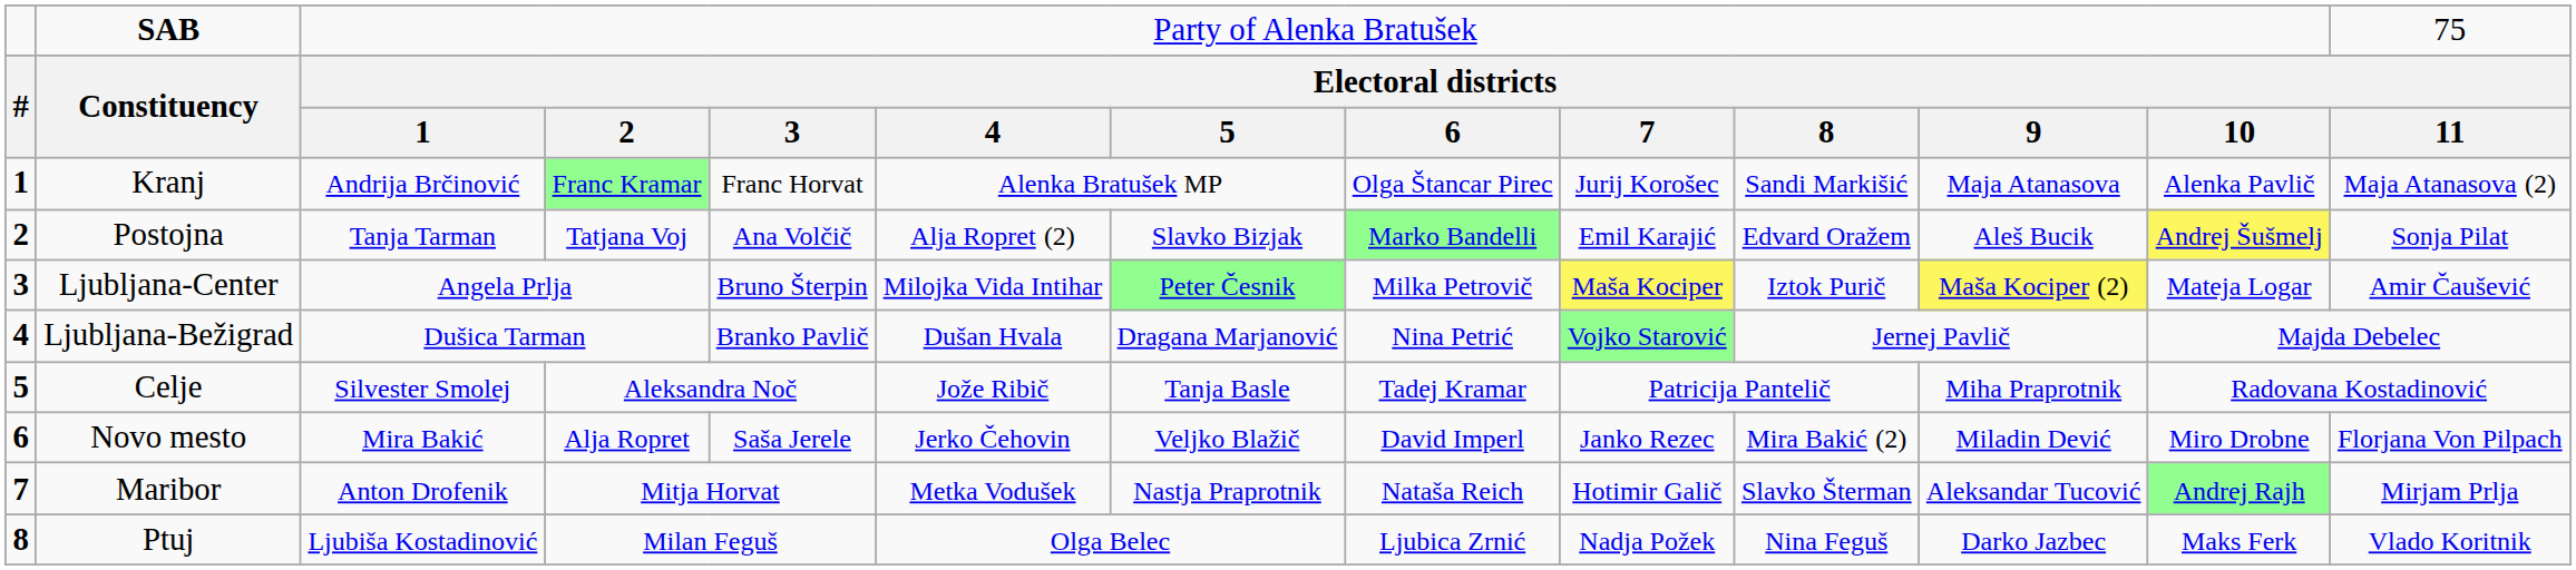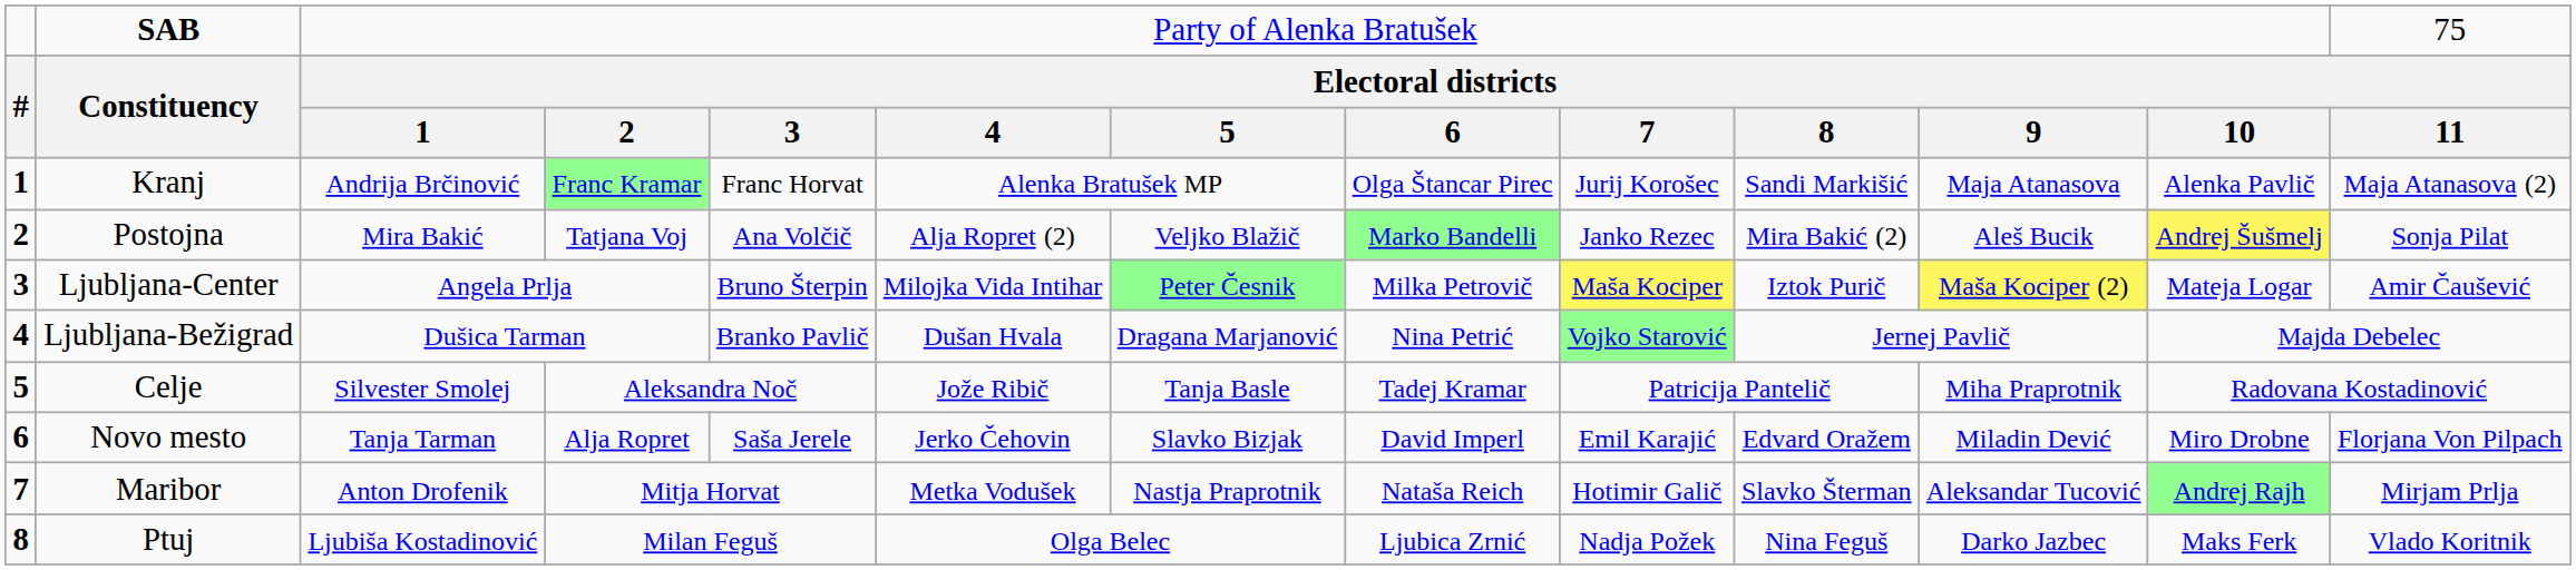 <table class="wikitable" style="text-align: center;">
 <tr>
 <td style="background:"></td>
 <td><strong>SAB</strong></td>
 <td colspan="10"><a href='#'>Party of Alenka Bratušek</a><br></td>
 <td>75<br></td>
 </tr>
 <tr>
 <th rowspan="2">#</th>
 <th rowspan="2">Constituency</th>
 <th colspan="11">Electoral districts</th>
 </tr>
 <tr>
 <th>1</th>
 <th>2</th>
 <th>3</th>
 <th>4</th>
 <th>5</th>
 <th>6</th>
 <th>7</th>
 <th>8</th>
 <th>9</th>
 <th>10</th>
 <th>11</th>
 </tr>
 <tr>
 <td style="text-align:center;"><strong>1</strong></td>
 <td>Kranj</td>
 <td><a href='#'><small>Andrija Brčinović</small></a></td>
 <td style="background:#90FF90;"><a href='#'><small>Franc Kramar</small></a></td>
 <td><small>Franc Horvat</small></td>
 <td colspan="2"><small><a href='#'>Alenka Bratušek</a> MP</small></td>
 <td><a href='#'><small>Olga Štancar Pirec</small></a></td>
 <td><a href='#'><small>Jurij Korošec</small></a></td>
 <td><a href='#'><small>Sandi Markišić</small></a></td>
 <td><a href='#'><small>Maja Atanasova</small></a></td>
 <td><a href='#'><small>Alenka Pavlič</small></a></td>
 <td><a href='#'><small>Maja Atanasova</small></a> <small>(2)</small></td>
 </tr>
 <tr>
 <td style="text-align:center;"><strong>2</strong></td>
 <td>Postojna</td>
-<td><a href='#'><small>Tanja Tarman</small></a></td>
+<td><a href='#'><small>Mira Bakić</small></a></td>
 <td><a href='#'><small>Tatjana Voj</small></a></td>
 <td><a href='#'><small>Ana Volčič</small></a></td>
 <td><a href='#'><small>Alja Ropret</small></a> <small>(2)</small></td>
-<td><a href='#'><small>Slavko Bizjak</small></a></td>
+<td><a href='#'><small>Veljko Blažič</small></a></td>
 <td style="background:#90FF90;"><a href='#'><small>Marko Bandelli</small></a></td>
-<td><a href='#'><small>Emil Karajić</small></a></td>
-<td><a href='#'><small>Edvard Oražem</small></a></td>
+<td><small><a href='#'>Janko Rezec</a></small></td>
+<td><a href='#'><small>Mira Bakić</small></a> <small>(2)</small></td>
 <td><a href='#'><small>Aleš Bucik</small></a></td>
 <td style="background:#FCF75E;"><a href='#'><small>Andrej Šušmelj</small></a></td>
 <td><a href='#'><small>Sonja Pilat</small></a></td>
 </tr>
 <tr>
 <td style="text-align:center;"><strong>3</strong></td>
 <td>Ljubljana-Center</td>
 <td colspan="2"><a href='#'><small>Angela Prlja</small></a></td>
 <td><a href='#'><small>Bruno Šterpin</small></a></td>
 <td><a href='#'><small>Milojka Vida Intihar</small></a></td>
 <td style="background:#90FF90;"><a href='#'><small>Peter Česnik</small></a></td>
 <td><a href='#'><small>Milka Petrovič</small></a></td>
 <td style="background:#FCF75E;"><a href='#'><small>Maša Kociper</small></a></td>
 <td><a href='#'><small>Iztok Purič</small></a></td>
 <td style="background:#FCF75E;"><a href='#'><small>Maša Kociper</small></a> <small>(2)</small></td>
 <td><a href='#'><small>Mateja Logar</small></a></td>
 <td><a href='#'><small>Amir Čaušević</small></a></td>
 </tr>
 <tr>
 <td style="text-align:center;"><strong>4</strong></td>
 <td>Ljubljana-Bežigrad</td>
 <td colspan="2"><a href='#'><small>Dušica Tarman</small></a></td>
 <td><a href='#'><small>Branko Pavlič</small></a></td>
 <td><a href='#'><small>Dušan Hvala</small></a></td>
 <td><a href='#'><small>Dragana Marjanović</small></a></td>
 <td><a href='#'><small>Nina Petrić</small></a></td>
 <td style="background:#90FF90;"><a href='#'><small>Vojko Starović</small></a></td>
 <td colspan="2"><a href='#'><small>Jernej Pavlič</small></a></td>
 <td colspan="2"><a href='#'><small>Majda Debelec</small></a></td>
 </tr>
 <tr>
 <td style="text-align:center;"><strong>5</strong></td>
 <td>Celje</td>
 <td><a href='#'><small>Silvester Smolej</small></a></td>
 <td colspan="2"><a href='#'><small>Aleksandra Noč</small></a></td>
 <td><a href='#'><small>Jože Ribič</small></a></td>
 <td><a href='#'><small>Tanja Basle</small></a></td>
 <td><a href='#'><small>Tadej Kramar</small></a></td>
 <td colspan="2"><a href='#'><small>Patricija Pantelič</small></a></td>
 <td><a href='#'><small>Miha Praprotnik</small></a></td>
 <td colspan="2"><a href='#'><small>Radovana Kostadinović</small></a></td>
 </tr>
 <tr>
 <td style="text-align:center;"><strong>6</strong></td>
 <td>Novo mesto</td>
-<td><a href='#'><small>Mira Bakić</small></a></td>
+<td><a href='#'><small>Tanja Tarman</small></a></td>
 <td><a href='#'><small>Alja Ropret</small></a></td>
 <td><a href='#'><small>Saša Jerele</small></a></td>
 <td><a href='#'><small>Jerko Čehovin</small></a></td>
-<td><a href='#'><small>Veljko Blažič</small></a></td>
+<td><a href='#'><small>Slavko Bizjak</small></a></td>
 <td><a href='#'><small>David Imperl</small></a></td>
-<td><small><a href='#'>Janko Rezec</a></small></td>
-<td><a href='#'><small>Mira Bakić</small></a> <small>(2)</small></td>
+<td><a href='#'><small>Emil Karajić</small></a></td>
+<td><a href='#'><small>Edvard Oražem</small></a></td>
 <td><a href='#'><small>Miladin Dević</small></a></td>
 <td><a href='#'><small>Miro Drobne</small></a></td>
 <td><a href='#'><small>Florjana Von Pilpach</small></a></td>
 </tr>
 <tr>
 <td style="text-align:center;"><strong>7</strong></td>
 <td>Maribor</td>
 <td><a href='#'><small>Anton Drofenik</small></a></td>
 <td colspan="2"><a href='#'><small>Mitja Horvat</small></a></td>
 <td><a href='#'><small>Metka Vodušek</small></a></td>
 <td><a href='#'><small>Nastja Praprotnik</small></a></td>
 <td><a href='#'><small>Nataša Reich</small></a></td>
 <td><a href='#'><small>Hotimir Galič</small></a></td>
 <td><a href='#'><small>Slavko Šterman</small></a></td>
 <td><a href='#'><small>Aleksandar Tucović</small></a></td>
 <td style="background:#90FF90;"><a href='#'><small>Andrej Rajh</small></a></td>
 <td><a href='#'><small>Mirjam Prlja</small></a></td>
 </tr>
 <tr>
 <td style="text-align:center;"><strong>8</strong></td>
 <td>Ptuj</td>
 <td><a href='#'><small>Ljubiša Kostadinović</small></a></td>
 <td colspan="2"><a href='#'><small>Milan Feguš</small></a></td>
 <td colspan="2"><a href='#'><small>Olga Belec</small></a></td>
 <td><a href='#'><small>Ljubica Zrnić</small></a></td>
 <td><a href='#'><small>Nadja Požek</small></a></td>
 <td><a href='#'><small>Nina Feguš</small></a></td>
 <td><a href='#'><small>Darko Jazbec</small></a></td>
 <td><a href='#'><small>Maks Ferk</small></a></td>
 <td><a href='#'><small>Vlado Koritnik</small></a></td>
 </tr>
 </table>
